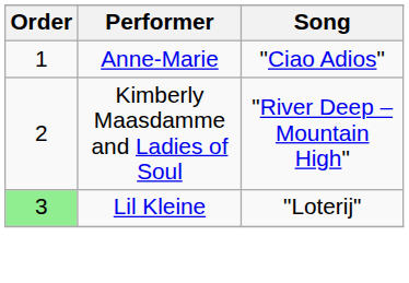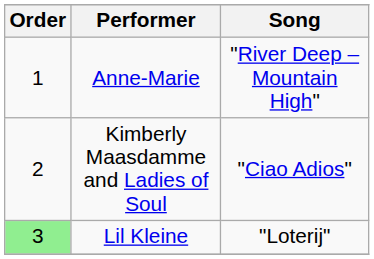 <table class="wikitable" style="text-align:center; width:45%;">
 <tr>
 </tr>
 <tr>
 <th style="width:01%;">Order</th>
 <th style="width:45%;">Performer</th>
 <th style="width:50%;">Song</th>
 </tr>
 <tr>
 <td>1</td>
 <td><a href='#'>Anne-Marie</a></td>
-<td>"<a href='#'>Ciao Adios</a>"</td>
+<td>"<a href='#'>River Deep – Mountain High</a>"</td>
 </tr>
 <tr>
 <td>2</td>
 <td>Kimberly Maasdamme and <a href='#'>Ladies of Soul</a></td>
-<td>"<a href='#'>River Deep – Mountain High</a>"</td>
+<td>"<a href='#'>Ciao Adios</a>"</td>
 </tr>
 <tr>
 <td style="background: lightgreen;">3</td>
 <td><a href='#'>Lil Kleine</a></td>
 <td>"Loterij"</td>
 </tr>
 <tr>
 </tr>
 </table>
